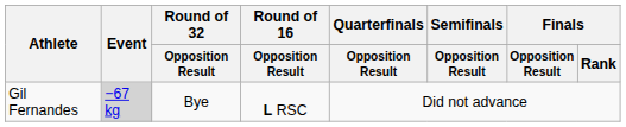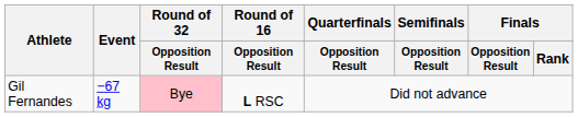 <table class=wikitable style="font-size:90%">
 <tr>
 <th rowspan="2">Athlete</th>
 <th rowspan="2">Event</th>
 <th>Round of 32</th>
 <th>Round of 16</th>
 <th>Quarterfinals</th>
 <th>Semifinals</th>
 <th colspan="2">Finals</th>
 </tr>
 <tr>
 <th style="line-height:1em"><small>Opposition<br>Result</small></th>
 <th style="line-height:1em"><small>Opposition<br>Result</small></th>
 <th style="line-height:1em"><small>Opposition<br>Result</small></th>
 <th style="line-height:1em"><small>Opposition<br>Result</small></th>
 <th style="line-height:1em"><small>Opposition<br>Result</small></th>
 <th>Rank</th>
 </tr>
 <tr>
 <td>Gil Fernandes</td>
-<td style="background: lightgrey;"><a href='#'>−67 kg</a></td>
-<td align="center">Bye</td>
+<td><a href='#'>−67 kg</a></td>
+<td align="center" style="background: pink;">Bye</td>
 <td align="center"><br><strong>L</strong> RSC</td>
 <td align="center" colspan="4">Did not advance</td>
 </tr>
 </table>
